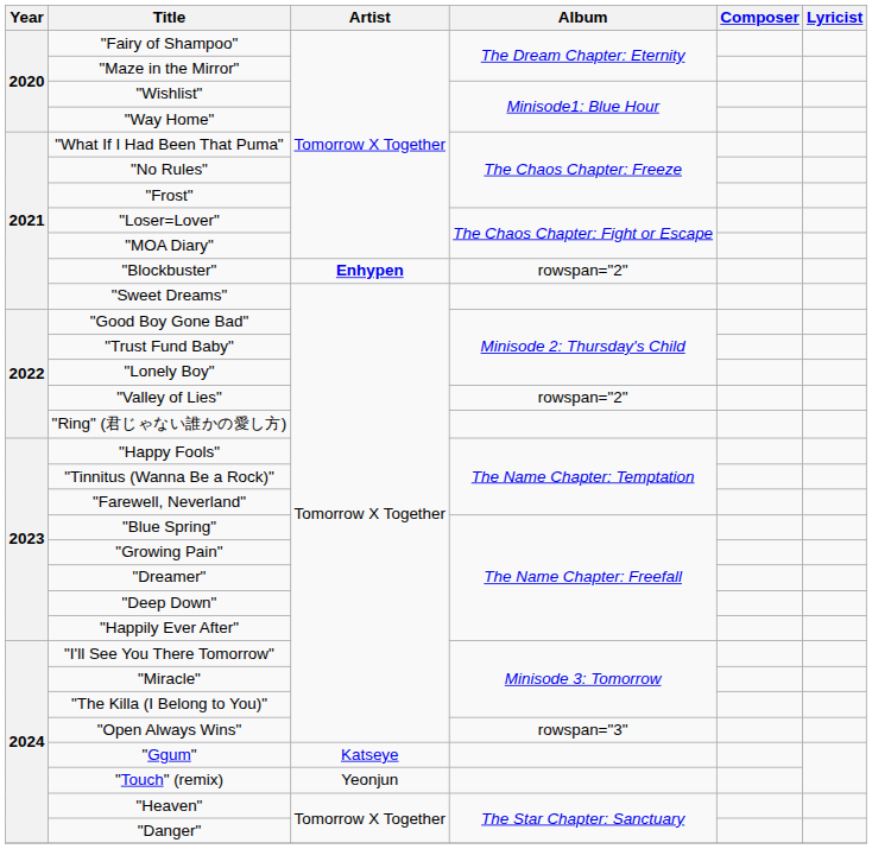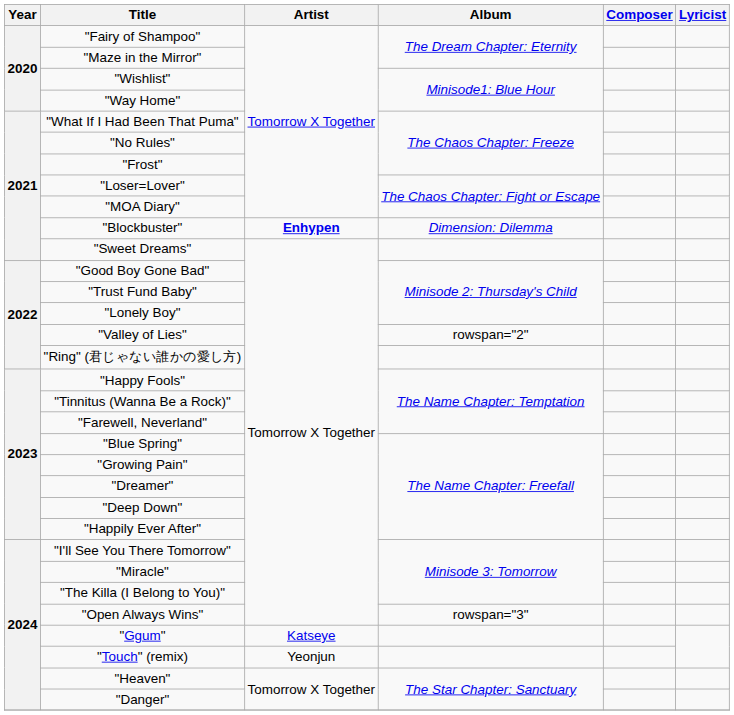 <table class="wikitable plainrowheaders" style="text-align:center">
 <tr>
 <th scope="col">Year</th>
 <th scope="col">Title</th>
 <th scope="col">Artist</th>
 <th scope="col">Album</th>
 <th scope="col"><a href='#'>Composer</a></th>
 <th scope="col"><a href='#'>Lyricist</a></th>
 </tr>
 <tr>
 <th scope="row" rowspan="4">2020</th>
 <td>"Fairy of Shampoo"</td>
 <td rowspan="9" style="text-align:center"><a href='#'>Tomorrow X Together</a></td>
 <td rowspan="2"><em><a href='#'>The Dream Chapter: Eternity</a></em></td>
 <td></td>
 <td></td>
 </tr>
 <tr>
 <td>"Maze in the Mirror"</td>
 <td></td>
 <td></td>
 </tr>
 <tr>
 <td>"Wishlist"</td>
 <td rowspan="2"><em><a href='#'>Minisode1: Blue Hour</a></em></td>
 <td></td>
 <td></td>
 </tr>
 <tr>
 <td>"Way Home"</td>
 <td></td>
 <td></td>
 </tr>
 <tr>
 <th scope="row" rowspan="7">2021</th>
 <td>"What If I Had Been That Puma"</td>
 <td rowspan="3"><em><a href='#'>The Chaos Chapter: Freeze</a></em></td>
 <td></td>
 <td></td>
 </tr>
 <tr>
 <td>"No Rules"</td>
 <td></td>
 <td></td>
 </tr>
 <tr>
 <td>"Frost"</td>
 <td></td>
 <td></td>
 </tr>
 <tr>
 <td>"Loser=Lover"</td>
 <td rowspan="2"><em><a href='#'>The Chaos Chapter: Fight or Escape</a></em></td>
 <td></td>
 <td></td>
 </tr>
 <tr>
 <td>"MOA  Diary"</td>
 <td></td>
 <td></td>
 </tr>
 <tr>
 <td>"Blockbuster"</td>
 <td style="text-align:center"><strong><a href='#'>Enhypen</a></strong></td>
-<td>rowspan="2" </td>
+<td><em><a href='#'>Dimension: Dilemma</a></em></td>
 <td></td>
 <td></td>
 </tr>
 <tr>
 <td>"Sweet Dreams"</td>
 <td rowspan="18" style="text-align:center">Tomorrow X Together</td>
 <td></td>
 <td></td>
 <td></td>
 </tr>
 <tr>
 <th scope="row" rowspan="5">2022</th>
 <td>"Good Boy Gone Bad"</td>
 <td rowspan="3"><em><a href='#'>Minisode 2: Thursday's Child</a></em></td>
 <td></td>
 <td></td>
 </tr>
 <tr>
 <td>"Trust Fund Baby"</td>
 <td></td>
 <td></td>
 </tr>
 <tr>
 <td>"Lonely Boy"</td>
 <td></td>
 <td></td>
 </tr>
 <tr>
 <td>"Valley of Lies" </td>
 <td>rowspan="2" </td>
 <td></td>
 <td></td>
 </tr>
 <tr>
 <td>"Ring" (君じゃない誰かの愛し方)</td>
 <td></td>
 <td></td>
 </tr>
 <tr>
 <th scope="row" rowspan="8">2023</th>
 <td>"Happy Fools" </td>
 <td rowspan="3"><em><a href='#'>The Name Chapter: Temptation</a></em></td>
 <td></td>
 <td></td>
 </tr>
 <tr>
 <td>"Tinnitus (Wanna Be a Rock)"</td>
 <td></td>
 <td></td>
 </tr>
 <tr>
 <td>"Farewell, Neverland"</td>
 <td></td>
 <td></td>
 </tr>
 <tr>
 <td>"Blue Spring"</td>
 <td rowspan="5"><em><a href='#'>The Name Chapter: Freefall</a></em></td>
 <td></td>
 <td></td>
 </tr>
 <tr>
 <td>"Growing Pain"</td>
 <td></td>
 <td></td>
 </tr>
 <tr>
 <td>"Dreamer"</td>
 <td></td>
 <td></td>
 </tr>
 <tr>
 <td>"Deep Down"</td>
 <td></td>
 <td></td>
 </tr>
 <tr>
 <td>"Happily Ever After"</td>
 <td></td>
 <td></td>
 </tr>
 <tr>
 <th scope="row" rowspan="8">2024</th>
 <td>"I'll See You There Tomorrow"</td>
 <td rowspan="3"><em><a href='#'>Minisode 3: Tomorrow</a></em></td>
 <td></td>
 <td></td>
 </tr>
 <tr>
 <td>"Miracle"</td>
 <td></td>
 <td></td>
 </tr>
 <tr>
 <td>"The Killa (I Belong to You)"</td>
 <td></td>
 <td></td>
 </tr>
 <tr>
 <td>"Open Always Wins"</td>
 <td>rowspan="3" </td>
 <td></td>
 <td></td>
 </tr>
 <tr>
 <td>"<a href='#'>Ggum</a>"</td>
 <td><a href='#'>Katseye</a></td>
 <td></td>
 <td></td>
 </tr>
 <tr>
 <td>"<a href='#'>Touch</a>" (remix) </td>
 <td>Yeonjun</td>
 <td></td>
 <td></td>
 </tr>
 <tr>
 <td>"Heaven"</td>
 <td rowspan="2">Tomorrow X Together</td>
 <td rowspan="2"><em><a href='#'>The Star Chapter: Sanctuary</a></em></td>
 <td></td>
 <td></td>
 </tr>
 <tr>
 <td>"Danger"</td>
 <td></td>
 <td></td>
 </tr>
 <tr>
 </tr>
 </table>
